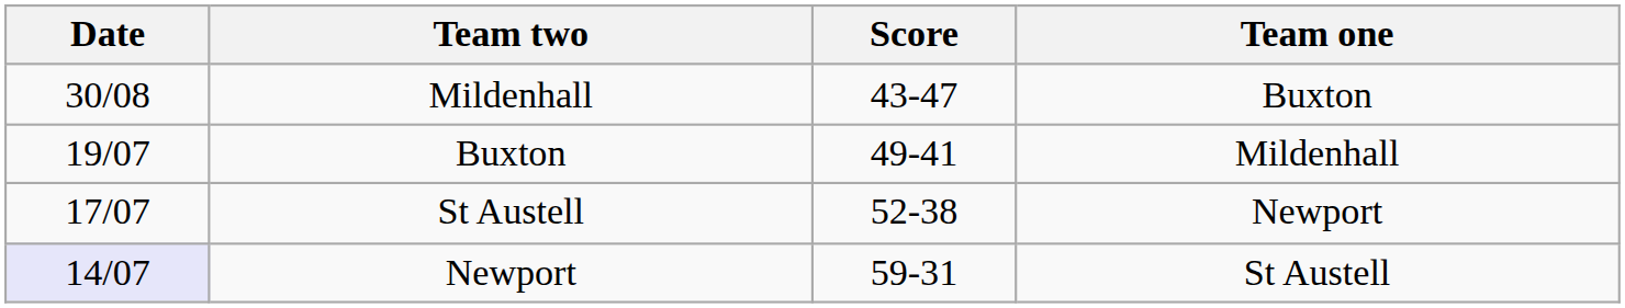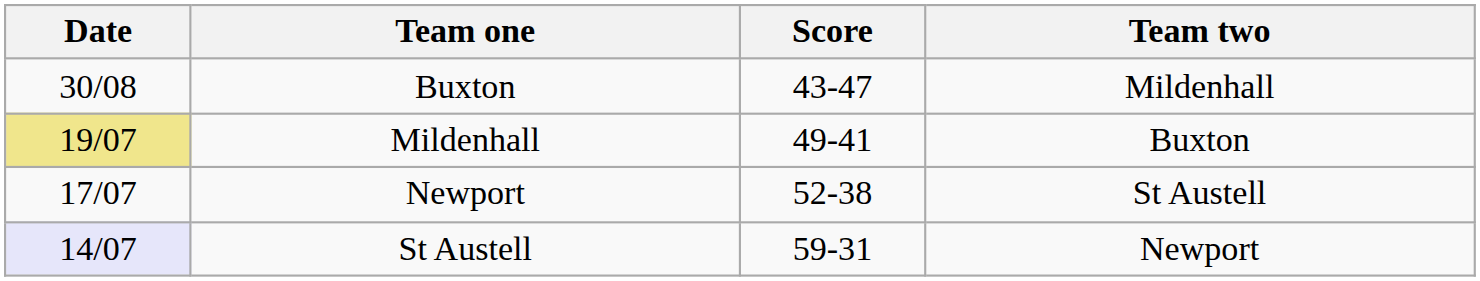 <table class="wikitable" style="text-align: center">
 <tr>
 <th width=80>Date</th>
+<th width=250>Team one</th>
+<th width=80>Score</th>
 <th width=250>Team two</th>
-<th width=80>Score</th>
-<th width=250>Team one</th>
 </tr>
 <tr>
 <td>30/08</td>
+<td>Buxton</td>
+<td>43-47</td>
 <td>Mildenhall</td>
-<td>43-47</td>
+</tr>
+<tr>
+<td style="background: khaki;">19/07</td>
+<td>Mildenhall</td>
+<td>49-41</td>
 <td>Buxton</td>
 </tr>
 <tr>
-<td>19/07</td>
-<td>Buxton</td>
-<td>49-41</td>
-<td>Mildenhall</td>
-</tr>
-<tr>
 <td>17/07</td>
+<td>Newport</td>
+<td>52-38</td>
 <td>St Austell</td>
-<td>52-38</td>
-<td>Newport</td>
 </tr>
 <tr>
 <td style="background: lavender;">14/07</td>
+<td>St Austell</td>
+<td>59-31</td>
 <td>Newport</td>
-<td>59-31</td>
-<td>St Austell</td>
 </tr>
 </table>
